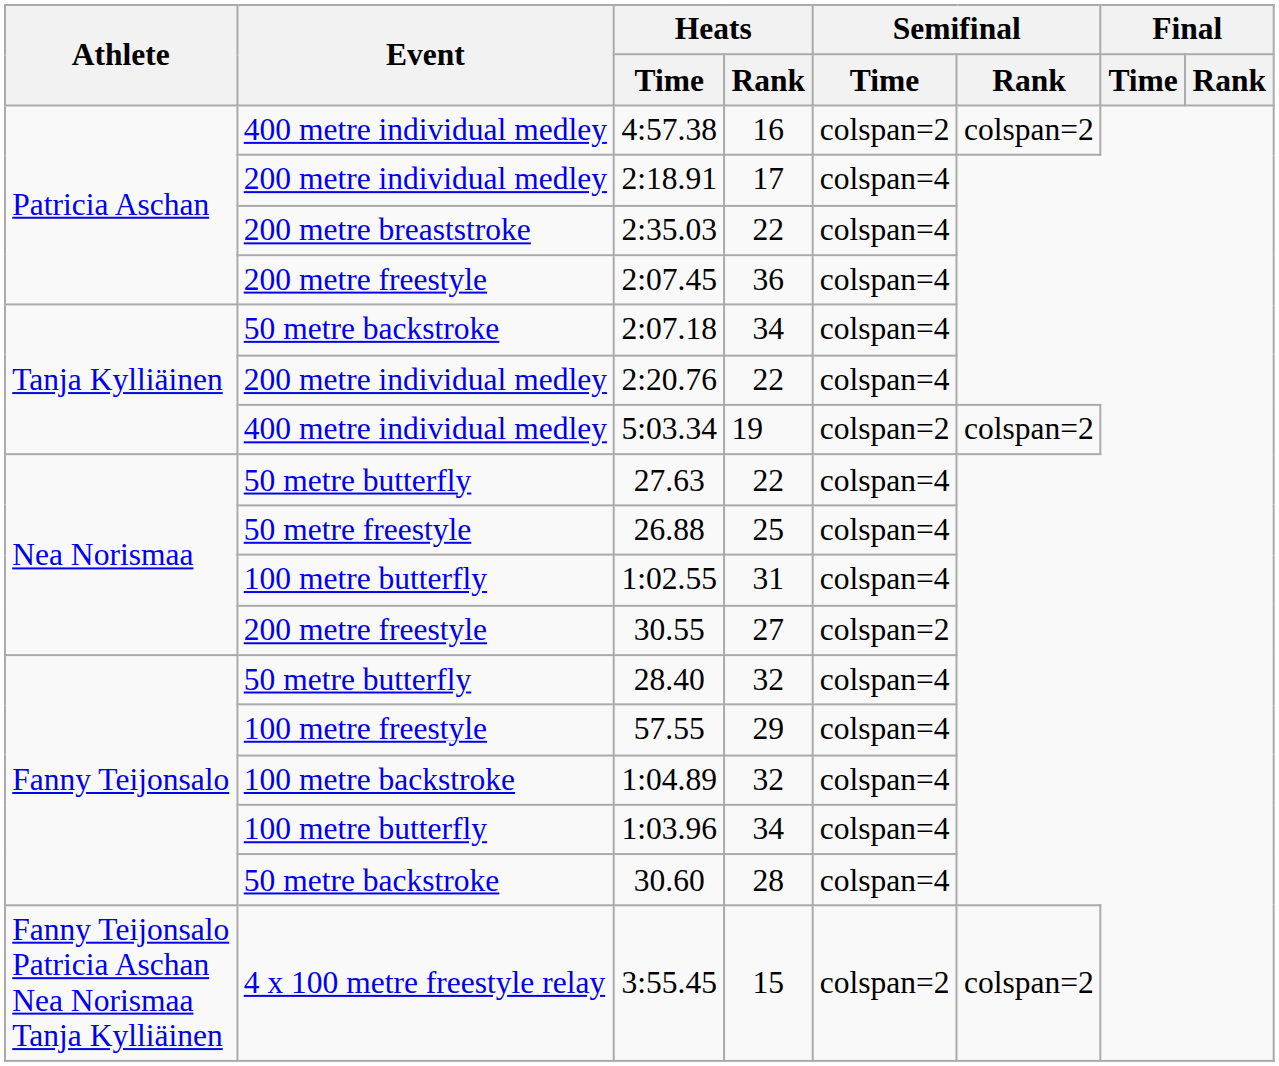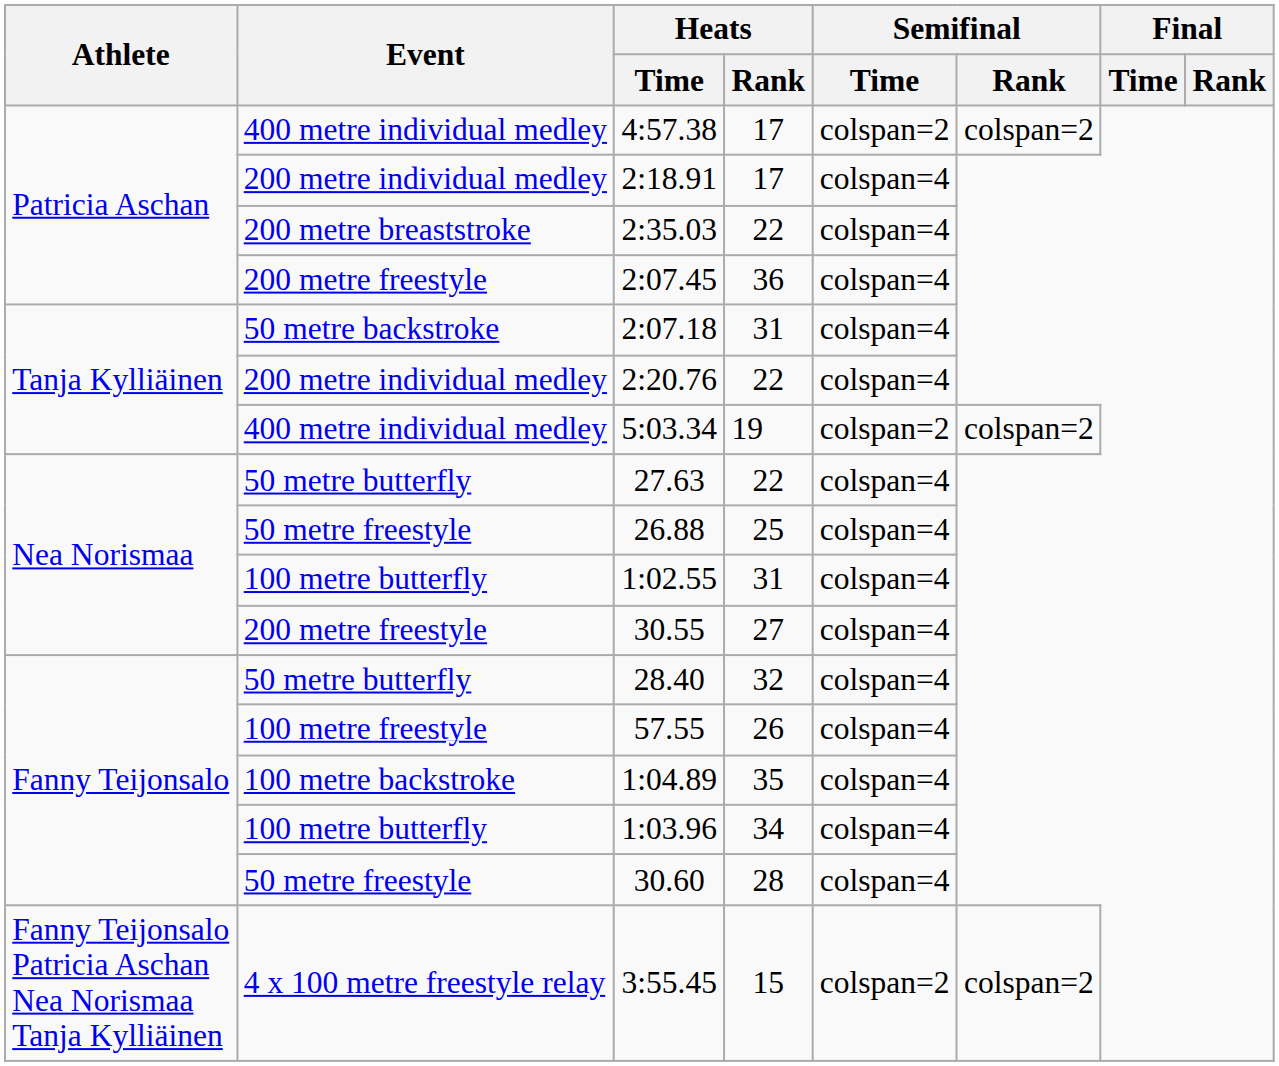 <table class="wikitable">
 <tr>
 <th rowspan="2">Athlete</th>
 <th rowspan="2">Event</th>
 <th colspan="2">Heats</th>
 <th colspan="2">Semifinal</th>
 <th colspan="2">Final</th>
 </tr>
 <tr>
 <th>Time</th>
 <th>Rank</th>
 <th>Time</th>
 <th>Rank</th>
 <th>Time</th>
 <th>Rank</th>
 </tr>
 <tr style=text-align:center>
 <td style=text-align:left rowspan=4><a href='#'>Patricia Aschan</a></td>
 <td style=text-align:left><a href='#'>400 metre individual medley</a></td>
 <td>4:57.38</td>
-<td>16</td>
+<td>17</td>
 <td>colspan=2 </td>
 <td>colspan=2 </td>
 </tr>
 <tr style=text-align:center>
 <td style=text-align:left><a href='#'>200 metre individual medley</a></td>
 <td>2:18.91</td>
 <td>17</td>
 <td>colspan=4 </td>
 </tr>
 <tr style=text-align:center>
 <td style=text-align:left><a href='#'>200 metre breaststroke</a></td>
 <td>2:35.03</td>
 <td>22</td>
 <td>colspan=4 </td>
 </tr>
 <tr style=text-align:center>
 <td style=text-align:left><a href='#'>200 metre freestyle</a></td>
 <td>2:07.45</td>
 <td>36</td>
 <td>colspan=4 </td>
 </tr>
 <tr style=text-align:center>
 <td style=text-align:left rowspan=3><a href='#'>Tanja Kylliäinen</a></td>
 <td style=text-align:left><a href='#'>50 metre backstroke</a></td>
 <td>2:07.18</td>
-<td>34</td>
+<td>31</td>
 <td>colspan=4 </td>
 </tr>
 <tr style=text-align:center>
 <td style=text-align:left><a href='#'>200 metre individual medley</a></td>
 <td>2:20.76</td>
 <td>22</td>
 <td>colspan=4 </td>
 </tr>
 <tr>
 <td style=text-align:left><a href='#'>400 metre individual medley</a></td>
 <td>5:03.34</td>
 <td>19</td>
 <td>colspan=2 </td>
 <td>colspan=2 </td>
 </tr>
 <tr style=text-align:center>
 <td style=text-align:left rowspan=4><a href='#'>Nea Norismaa</a></td>
 <td style=text-align:left><a href='#'>50 metre butterfly</a></td>
 <td>27.63</td>
 <td>22</td>
 <td>colspan=4 </td>
 </tr>
 <tr style=text-align:center>
 <td style=text-align:left><a href='#'>50 metre freestyle</a></td>
 <td>26.88</td>
 <td>25</td>
 <td>colspan=4 </td>
 </tr>
 <tr style=text-align:center>
 <td style=text-align:left><a href='#'>100 metre butterfly</a></td>
 <td>1:02.55</td>
 <td>31</td>
 <td>colspan=4 </td>
 </tr>
 <tr style=text-align:center>
 <td style=text-align:left><a href='#'>200 metre freestyle</a></td>
 <td>30.55</td>
 <td>27</td>
-<td>colspan=2 </td>
+<td>colspan=4 </td>
 </tr>
 <tr style=text-align:center>
 <td style=text-align:left rowspan=5><a href='#'>Fanny Teijonsalo</a></td>
 <td style=text-align:left><a href='#'>50 metre butterfly</a></td>
 <td>28.40</td>
 <td>32</td>
 <td>colspan=4 </td>
 </tr>
 <tr style=text-align:center>
 <td style=text-align:left><a href='#'>100 metre freestyle</a></td>
 <td>57.55</td>
-<td>29</td>
+<td>26</td>
 <td>colspan=4 </td>
 </tr>
 <tr style=text-align:center>
 <td style=text-align:left><a href='#'>100 metre backstroke</a></td>
 <td>1:04.89</td>
-<td>32</td>
+<td>35</td>
 <td>colspan=4 </td>
 </tr>
 <tr style=text-align:center>
 <td style=text-align:left><a href='#'>100 metre butterfly</a></td>
 <td>1:03.96</td>
 <td>34</td>
 <td>colspan=4 </td>
 </tr>
 <tr style=text-align:center>
-<td style=text-align:left><a href='#'>50 metre backstroke</a></td>
+<td style=text-align:left><a href='#'>50 metre freestyle</a></td>
 <td>30.60</td>
 <td>28</td>
 <td>colspan=4 </td>
 </tr>
 <tr style=text-align:center>
 <td style=text-align:left><a href='#'>Fanny Teijonsalo</a><br><a href='#'>Patricia Aschan</a><br><a href='#'>Nea Norismaa</a><br><a href='#'>Tanja Kylliäinen</a></td>
 <td style=text-align:left><a href='#'>4 x 100 metre freestyle relay</a></td>
 <td>3:55.45</td>
 <td>15</td>
 <td>colspan=2 </td>
 <td>colspan=2 </td>
 </tr>
 </table>
